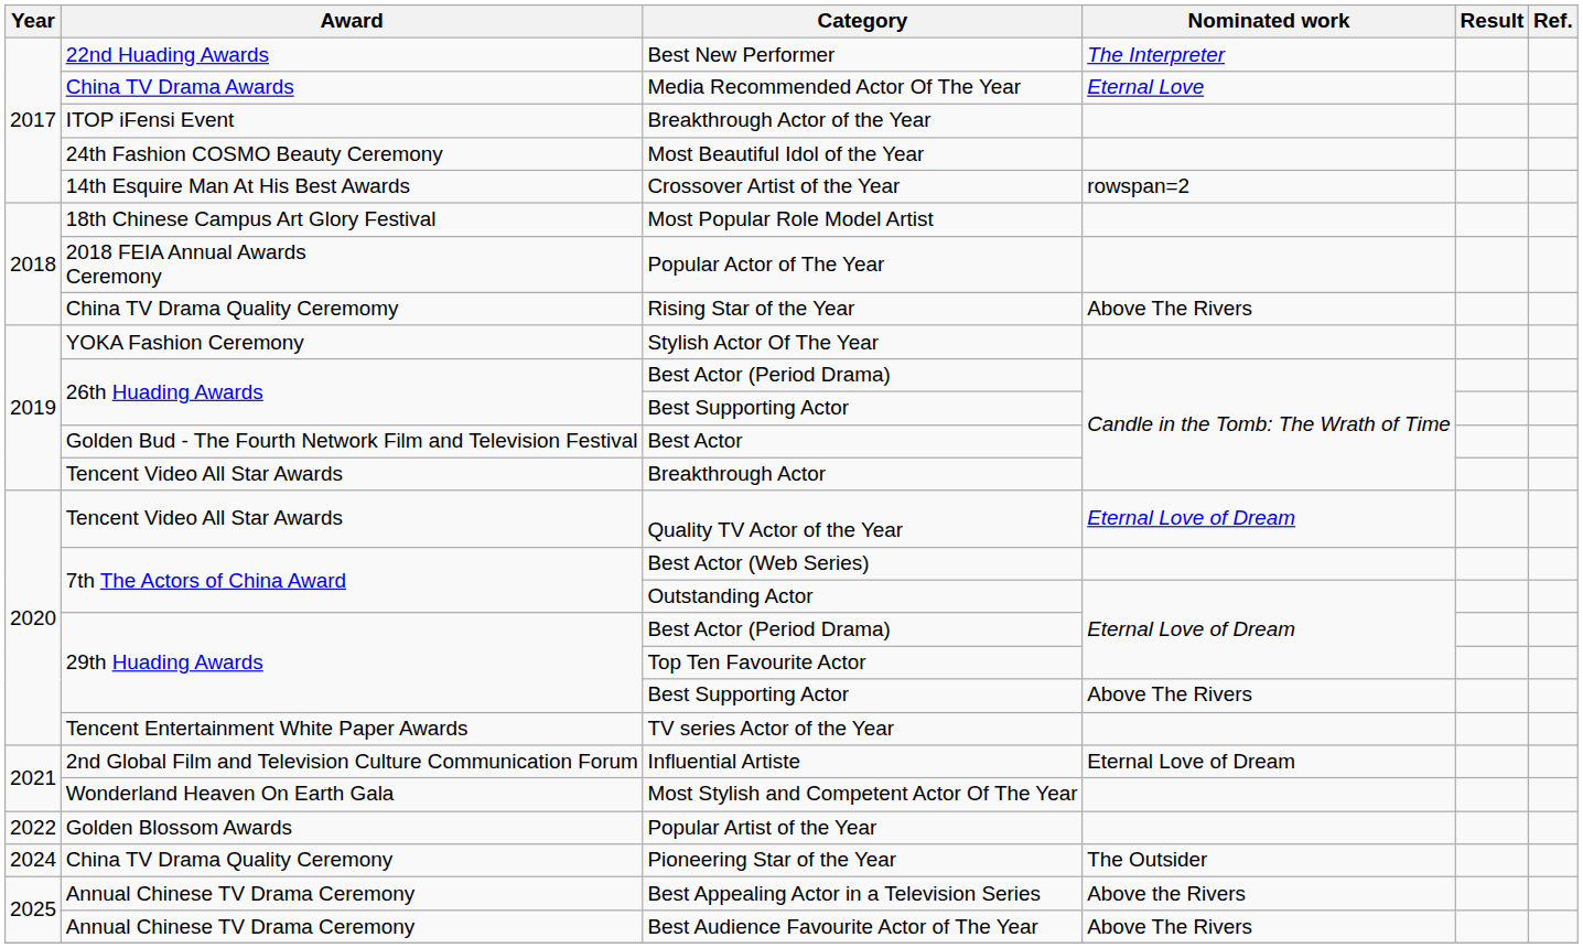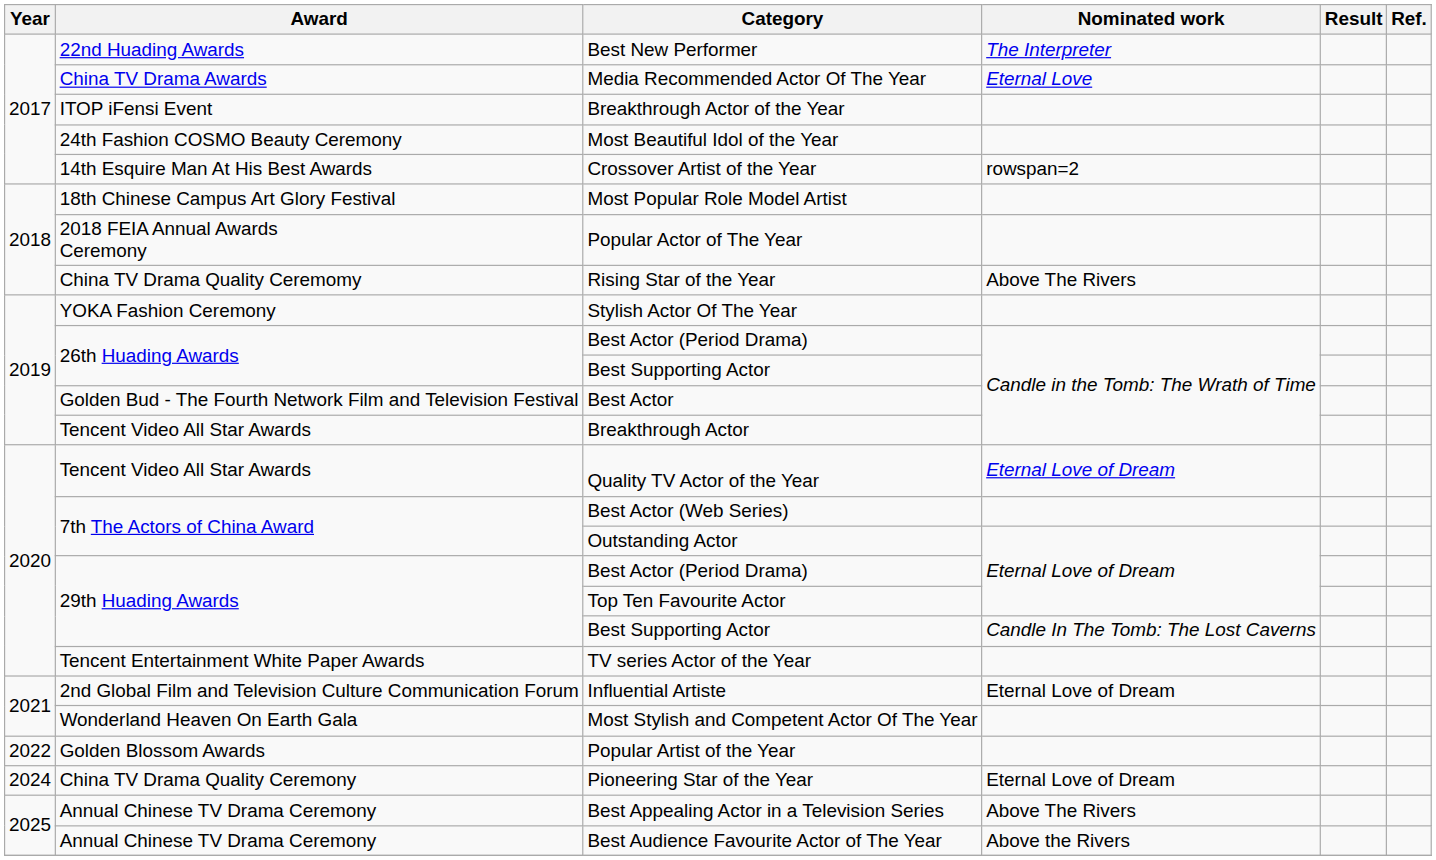 <table class="wikitable">
 <tr>
 <th>Year</th>
 <th>Award</th>
 <th>Category</th>
 <th>Nominated work</th>
 <th>Result</th>
 <th>Ref.</th>
 </tr>
 <tr>
 <td rowspan="5">2017</td>
 <td><a href='#'>22nd Huading Awards</a></td>
 <td>Best New Performer</td>
 <td><a href='#'><em>The Interpreter</em></a></td>
 <td></td>
 <td></td>
 </tr>
 <tr>
 <td><a href='#'>China TV Drama Awards</a></td>
 <td>Media Recommended Actor Of The Year</td>
 <td><em><a href='#'>Eternal Love</a></em></td>
 <td></td>
 <td></td>
 </tr>
 <tr>
 <td>ITOP iFensi Event</td>
 <td>Breakthrough Actor of the Year</td>
 <td></td>
 <td></td>
 <td></td>
 </tr>
 <tr>
 <td>24th Fashion COSMO Beauty Ceremony</td>
 <td>Most Beautiful Idol of the Year</td>
 <td></td>
 <td></td>
 <td></td>
 </tr>
 <tr>
 <td>14th Esquire Man At His Best Awards</td>
 <td>Crossover Artist of the Year</td>
 <td>rowspan=2 </td>
 <td></td>
 <td></td>
 </tr>
 <tr>
 <td rowspan="3">2018</td>
 <td>18th Chinese Campus Art Glory Festival</td>
 <td>Most Popular Role Model Artist</td>
 <td></td>
 <td></td>
 </tr>
 <tr>
 <td>2018 FEIA Annual Awards<br>Ceremony</td>
 <td>Popular Actor of The Year</td>
 <td></td>
 <td></td>
 <td></td>
 </tr>
 <tr>
 <td>China TV Drama Quality Ceremomy</td>
 <td>Rising Star of the Year</td>
 <td>Above The Rivers</td>
 <td></td>
 <td></td>
 </tr>
 <tr>
 <td rowspan=5>2019</td>
 <td>YOKA Fashion Ceremony</td>
 <td>Stylish Actor Of The Year</td>
 <td></td>
 <td></td>
 <td></td>
 </tr>
 <tr>
 <td rowspan=2>26th <a href='#'>Huading Awards</a></td>
 <td>Best Actor (Period Drama)</td>
 <td rowspan=4><em>Candle in the Tomb: The Wrath of Time</em></td>
 <td></td>
 <td></td>
 </tr>
 <tr>
 <td>Best Supporting Actor</td>
 <td></td>
 <td></td>
 </tr>
 <tr>
 <td>Golden Bud - The Fourth Network Film and Television Festival</td>
 <td>Best Actor</td>
 <td></td>
 <td></td>
 </tr>
 <tr>
 <td>Tencent Video All Star Awards</td>
 <td>Breakthrough Actor</td>
 <td></td>
 <td></td>
 </tr>
 <tr>
 <td rowspan="7">2020</td>
 <td>Tencent Video All Star Awards</td>
 <td><br>Quality TV Actor of the Year</td>
 <td Eternal love of dream><em><a href='#'>Eternal Love of Dream</a></em></td>
 <td></td>
 <td></td>
 </tr>
 <tr>
 <td rowspan="2">7th <a href='#'>The Actors of China Award</a></td>
 <td>Best Actor (Web Series)</td>
 <td></td>
 <td></td>
 <td></td>
 </tr>
 <tr>
 <td>Outstanding Actor</td>
 <td rowspan="3"><em>Eternal Love of Dream</em></td>
 <td></td>
 <td></td>
 </tr>
 <tr>
 <td rowspan="3">29th <a href='#'>Huading Awards</a></td>
 <td>Best Actor (Period Drama)</td>
 <td></td>
 <td></td>
 </tr>
 <tr>
 <td>Top Ten Favourite Actor</td>
 <td></td>
 <td></td>
 </tr>
 <tr>
 <td>Best Supporting Actor</td>
-<td>Above The Rivers</td>
+<td Candle in The Tomb: Lost Caverns><em>Candle In The Tomb: The Lost Caverns</em></td>
 <td></td>
 <td></td>
 </tr>
 <tr>
 <td>Tencent Entertainment White Paper Awards</td>
 <td>TV series Actor of the Year</td>
 <td></td>
 <td></td>
 <td></td>
 </tr>
 <tr>
 <td rowspan="2">2021</td>
 <td>2nd Global Film and Television Culture Communication Forum</td>
 <td>Influential Artiste</td>
 <td>Eternal Love of Dream</td>
 <td></td>
 <td></td>
 </tr>
 <tr>
 <td>Wonderland Heaven On Earth Gala</td>
 <td>Most Stylish and Competent Actor Of The Year</td>
 <td></td>
 <td></td>
 <td></td>
 </tr>
 <tr>
 <td>2022</td>
 <td>Golden Blossom Awards</td>
 <td>Popular Artist of the Year</td>
 <td></td>
 <td></td>
 <td></td>
 </tr>
 <tr>
 <td>2024</td>
 <td>China TV Drama Quality Ceremony</td>
 <td>Pioneering Star of the Year</td>
-<td>The Outsider</td>
+<td>Eternal Love of Dream</td>
 <td></td>
 <td></td>
 </tr>
 <tr>
 <td rowspan="2">2025</td>
 <td>Annual Chinese TV Drama Ceremony</td>
 <td>Best Appealing Actor in a Television Series</td>
-<td>Above the Rivers</td>
+<td>Above The Rivers</td>
 <td></td>
 <td></td>
 </tr>
 <tr>
 <td>Annual Chinese TV Drama Ceremony</td>
 <td>Best Audience Favourite Actor of The Year</td>
-<td>Above The Rivers</td>
+<td>Above the Rivers</td>
 <td></td>
 <td></td>
 </tr>
 <tr>
 </tr>
 </table>
